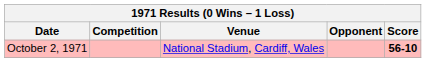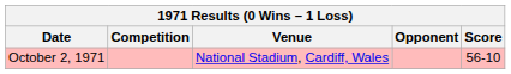 <table class="wikitable sortable">
 <tr>
 <th colspan="5"><strong>1971 Results (0 Wins – 1 Loss)</strong></th>
 </tr>
 <tr>
 <th>Date</th>
 <th>Competition</th>
 <th>Venue</th>
 <th>Opponent</th>
 <th>Score</th>
 </tr>
 <tr style="background:#fbb;">
 <td align=center>October 2, 1971</td>
 <td align=center></td>
 <td align=center><a href='#'>National Stadium</a>, <a href='#'>Cardiff, Wales</a></td>
 <td></td>
-<td align=center><strong>56-10</strong></td>
+<td align=center>56-10</td>
 </tr>
 </table>
